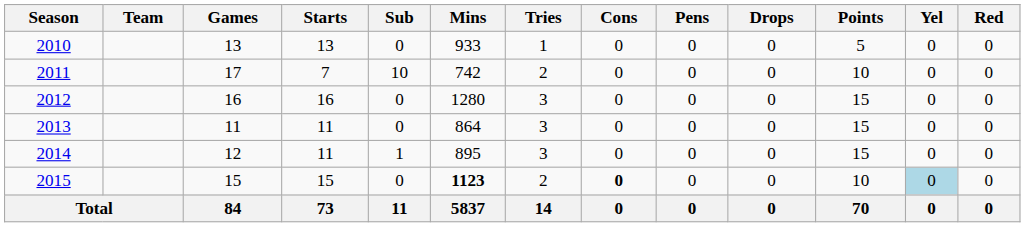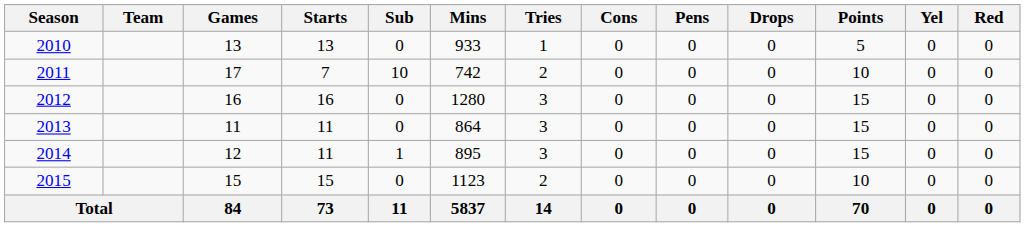 <table class="wikitable" style="text-align:center; width:60%;">
 <tr>
 <th>Season</th>
 <th>Team</th>
 <th>Games</th>
 <th>Starts</th>
 <th>Sub</th>
 <th>Mins</th>
 <th>Tries</th>
 <th>Cons</th>
 <th>Pens</th>
 <th>Drops</th>
 <th>Points</th>
 <th>Yel</th>
 <th>Red</th>
 </tr>
 <tr>
 <td><a href='#'>2010</a></td>
 <td></td>
 <td>13</td>
 <td>13</td>
 <td>0</td>
 <td>933</td>
 <td>1</td>
 <td>0</td>
 <td>0</td>
 <td>0</td>
 <td>5</td>
 <td>0</td>
 <td>0</td>
 </tr>
 <tr>
 <td><a href='#'>2011</a></td>
 <td></td>
 <td>17</td>
 <td>7</td>
 <td>10</td>
 <td>742</td>
 <td>2</td>
 <td>0</td>
 <td>0</td>
 <td>0</td>
 <td>10</td>
 <td>0</td>
 <td>0</td>
 </tr>
 <tr>
 <td><a href='#'>2012</a></td>
 <td></td>
 <td>16</td>
 <td>16</td>
 <td>0</td>
 <td>1280</td>
 <td>3</td>
 <td>0</td>
 <td>0</td>
 <td>0</td>
 <td>15</td>
 <td>0</td>
 <td>0</td>
 </tr>
 <tr>
 <td><a href='#'>2013</a></td>
 <td></td>
 <td>11</td>
 <td>11</td>
 <td>0</td>
 <td>864</td>
 <td>3</td>
 <td>0</td>
 <td>0</td>
 <td>0</td>
 <td>15</td>
 <td>0</td>
 <td>0</td>
 </tr>
 <tr>
 <td><a href='#'>2014</a></td>
 <td></td>
 <td>12</td>
 <td>11</td>
 <td>1</td>
 <td>895</td>
 <td>3</td>
 <td>0</td>
 <td>0</td>
 <td>0</td>
 <td>15</td>
 <td>0</td>
 <td>0</td>
 </tr>
 <tr>
 <td><a href='#'>2015</a></td>
 <td></td>
 <td>15</td>
 <td>15</td>
 <td>0</td>
-<td><strong>1123</strong></td>
+<td>1123</td>
 <td>2</td>
-<td><strong>0</strong></td>
+<td>0</td>
 <td>0</td>
 <td>0</td>
 <td>10</td>
-<td style="background: lightblue;">0</td>
+<td>0</td>
 <td>0</td>
 </tr>
 <tr>
 <th colspan="2">Total</th>
 <th>84</th>
 <th>73</th>
 <th>11</th>
 <th>5837</th>
 <th>14</th>
 <th>0</th>
 <th>0</th>
 <th>0</th>
 <th>70</th>
 <th>0</th>
 <th>0</th>
 </tr>
 </table>
